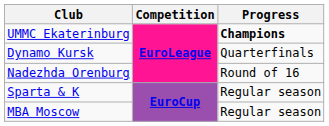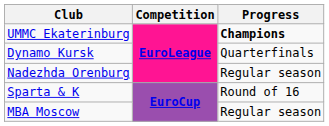 <table class="wikitable sortable">
 <tr>
 <th>Club</th>
 <th>Competition</th>
 <th>Progress</th>
 </tr>
 <tr>
 <td><a href='#'>UMMC Ekaterinburg</a></td>
 <td rowspan=3 style="background-color:#FF1493;color:#D0D3D4;text-align:center"><strong><a href='#'><span>EuroLeague</span></a></strong></td>
 <td><strong>Champions</strong></td>
 </tr>
 <tr>
 <td><a href='#'>Dynamo Kursk</a></td>
 <td>Quarterfinals</td>
 </tr>
 <tr>
 <td><a href='#'>Nadezhda Orenburg</a></td>
-<td>Round of 16</td>
+<td>Regular season</td>
 </tr>
 <tr>
 <td><a href='#'>Sparta & K</a></td>
 <td rowspan=2 style="background-color:#9A4EAE;color:#D0D3D4;text-align:center"><strong><a href='#'><span>EuroCup</span></a></strong></td>
-<td>Regular season</td>
+<td>Round of 16</td>
 </tr>
 <tr>
 <td><a href='#'>MBA Moscow</a></td>
 <td>Regular season</td>
 </tr>
 </table>
